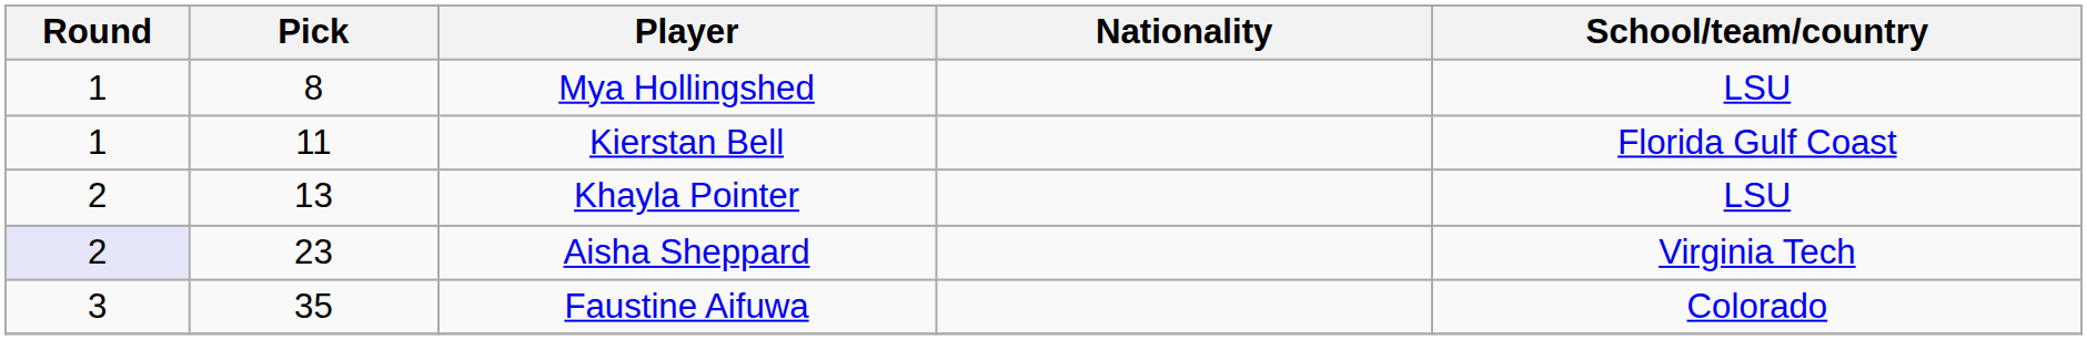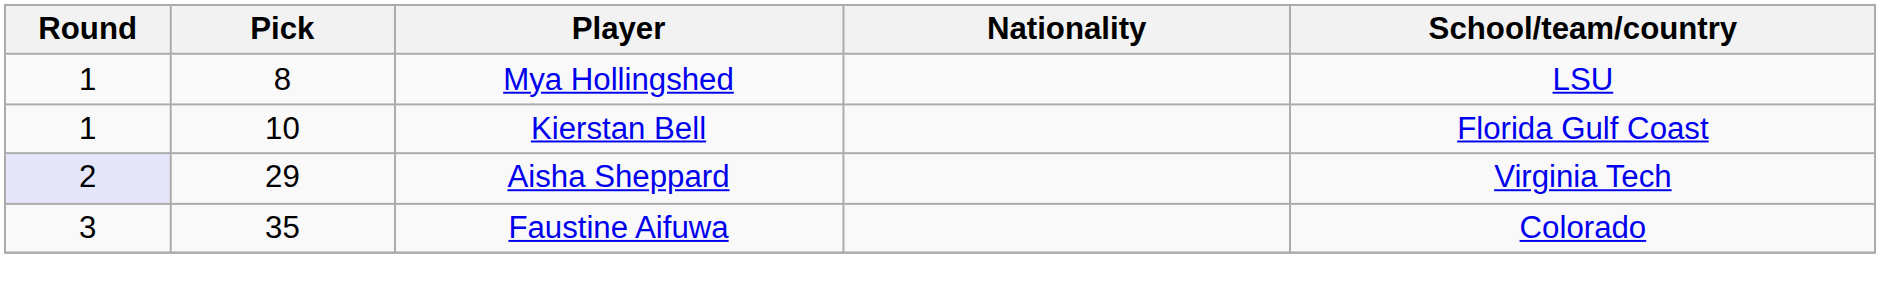 <table class="wikitable" style="text-align:center; width:60em">
 <tr>
 <th width="2%">Round</th>
 <th width="5%">Pick</th>
 <th width="10%">Player</th>
 <th width="10%">Nationality</th>
 <th width="10%">School/team/country</th>
 </tr>
 <tr>
 <td>1</td>
 <td>8</td>
 <td><a href='#'>Mya Hollingshed</a></td>
 <td></td>
 <td><a href='#'>LSU</a></td>
 </tr>
 <tr>
 <td>1</td>
-<td>11</td>
+<td>10</td>
 <td><a href='#'>Kierstan Bell</a></td>
 <td></td>
 <td><a href='#'>Florida Gulf Coast</a></td>
 </tr>
 <tr>
-<td>2</td>
-<td>13</td>
-<td><a href='#'>Khayla Pointer</a></td>
-<td></td>
-<td><a href='#'>LSU</a></td>
-</tr>
-<tr>
 <td style="background: lavender;">2</td>
-<td>23</td>
+<td>29</td>
 <td><a href='#'>Aisha Sheppard</a></td>
 <td></td>
 <td><a href='#'>Virginia Tech</a></td>
 </tr>
 <tr>
 <td>3</td>
 <td>35</td>
 <td><a href='#'>Faustine Aifuwa</a></td>
 <td></td>
 <td><a href='#'>Colorado</a></td>
 </tr>
 <tr>
 </tr>
 </table>
